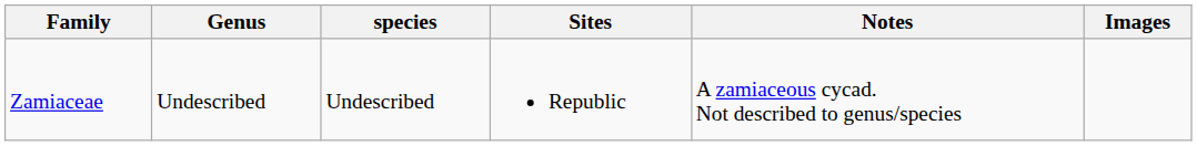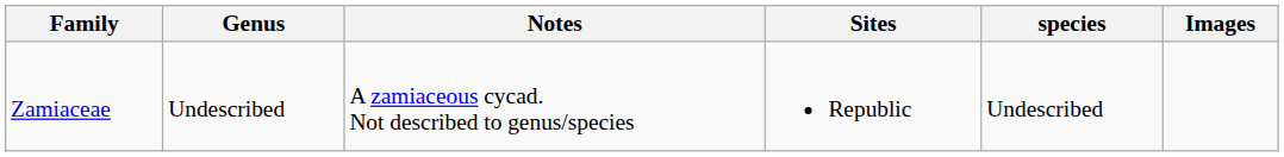 <table class="wikitable sortable mw-collapsible" style="margin:auto; width:100%">
 <tr>
 <th>Family</th>
 <th>Genus</th>
+<th>Notes</th>
+<th>Sites</th>
 <th>species</th>
-<th>Sites</th>
-<th>Notes</th>
 <th>Images</th>
 </tr>
 <tr>
 <td><br><a href='#'>Zamiaceae</a></td>
 <td><br>Undescribed</td>
+<td><br>A <a href='#'>zamiaceous</a> cycad.<br> Not described to genus/species</td>
+<td><br><ul><li>Republic</li></ul></td>
 <td><br>Undescribed</td>
-<td><br><ul><li>Republic</li></ul></td>
-<td><br>A <a href='#'>zamiaceous</a> cycad.<br> Not described to genus/species</td>
 <td><br></td>
 </tr>
 </table>
